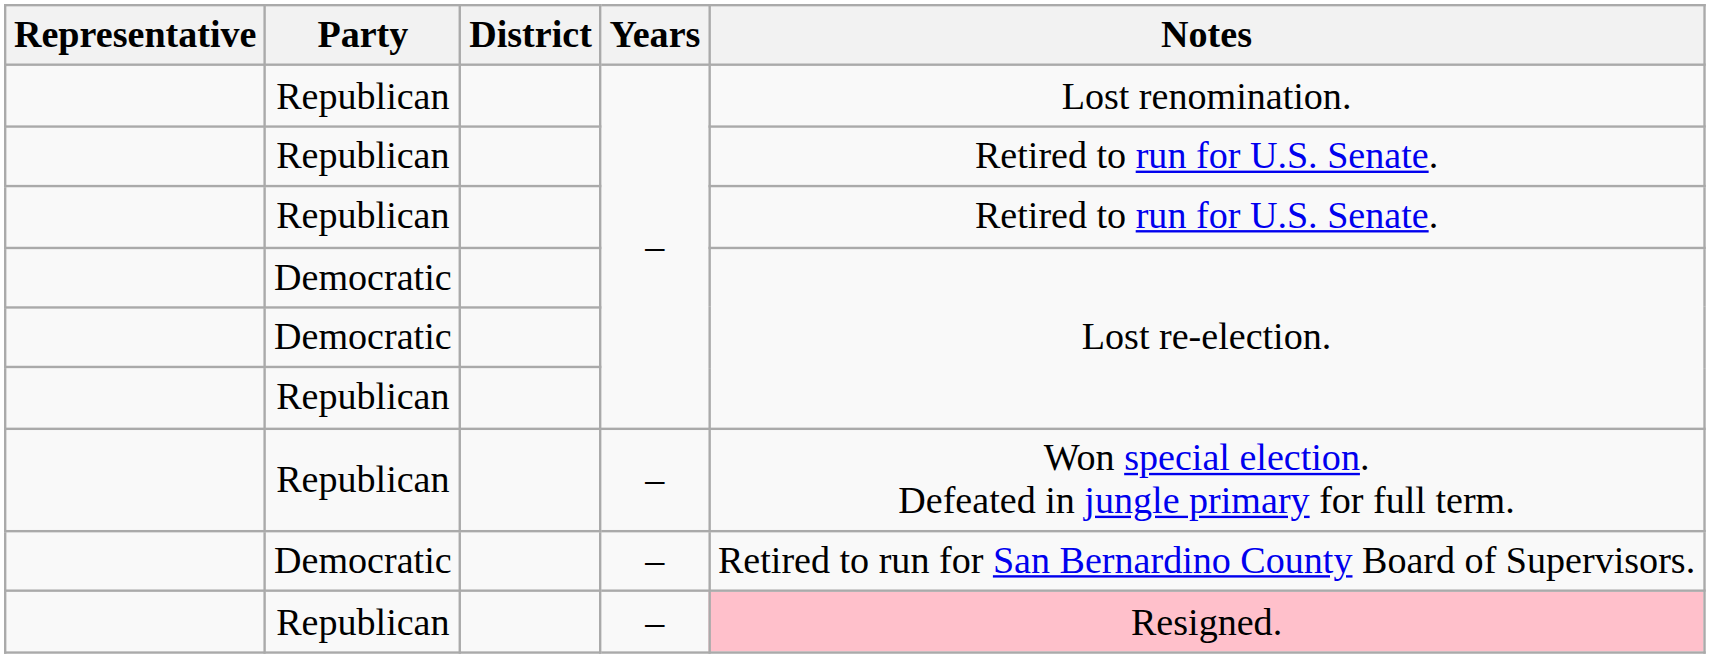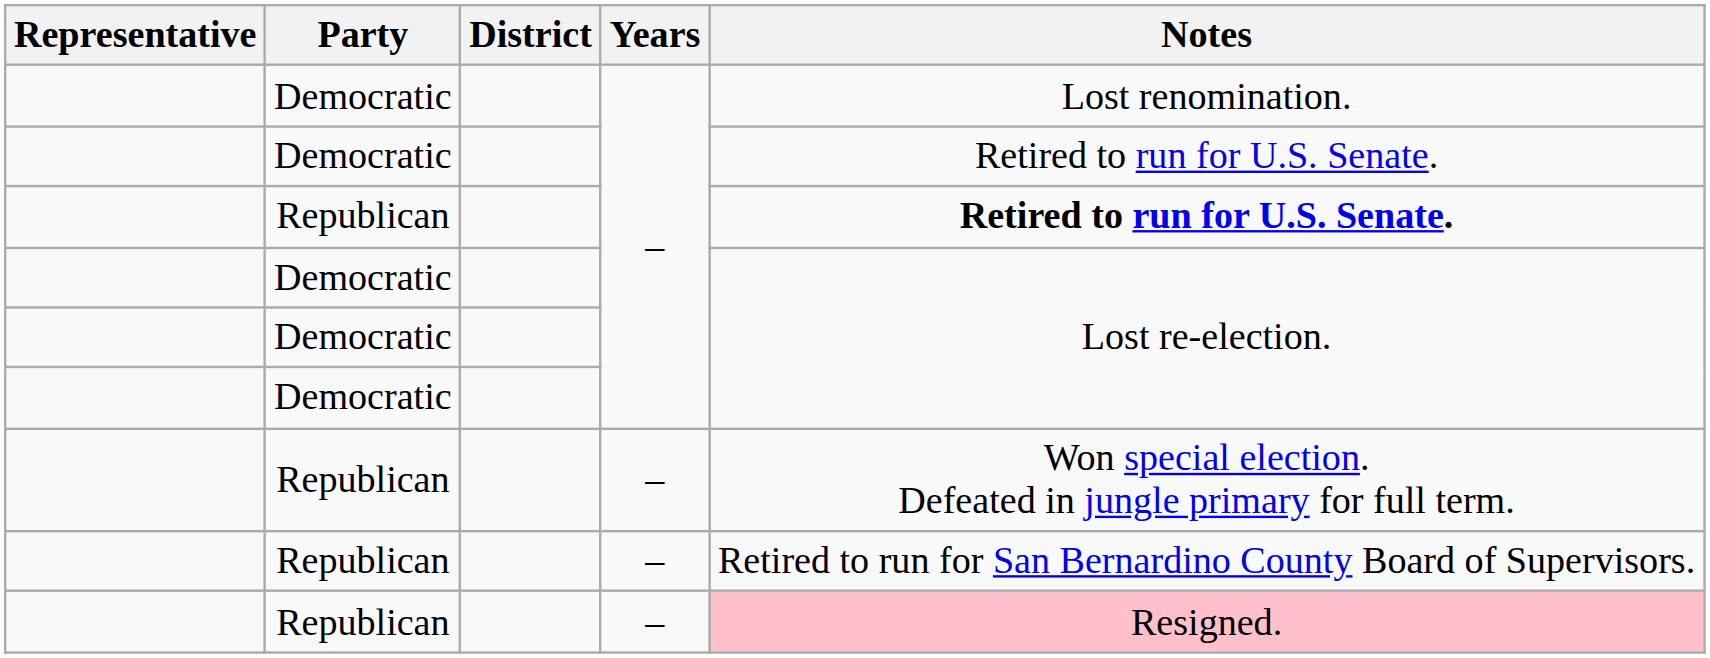 <table class="wikitable sortable" style="text-align:center">
 <tr valign=bottom>
 <th>Representative</th>
 <th>Party</th>
 <th>District</th>
 <th>Years</th>
 <th>Notes</th>
 </tr>
 <tr>
 <td align=left></td>
-<td>Republican</td>
+<td>Democratic</td>
 <td></td>
 <td rowspan="6" nowrap=""> –<br></td>
 <td>Lost renomination.</td>
 </tr>
 <tr>
 <td align=left></td>
-<td>Republican</td>
+<td>Democratic</td>
 <td></td>
 <td>Retired to <a href='#'>run for U.S. Senate</a>.</td>
 </tr>
 <tr>
 <td align=left></td>
 <td>Republican</td>
 <td></td>
-<td>Retired to <a href='#'>run for U.S. Senate</a>.</td>
+<td><strong>Retired to <a href='#'>run for U.S. Senate</a>.</strong></td>
 </tr>
 <tr>
 <td align=left></td>
 <td>Democratic</td>
 <td></td>
 <td rowspan="3">Lost re-election.</td>
 </tr>
 <tr>
 <td align=left></td>
 <td>Democratic</td>
 <td></td>
 </tr>
 <tr>
 <td align=left></td>
-<td>Republican</td>
+<td>Democratic</td>
 <td></td>
 </tr>
 <tr>
 <td align=left></td>
 <td>Republican</td>
 <td></td>
 <td nowrap> –<br></td>
 <td>Won <a href='#'>special election</a>.<br>Defeated in <a href='#'>jungle primary</a> for full term.</td>
 </tr>
 <tr>
 <td align=left></td>
-<td>Democratic</td>
+<td>Republican</td>
 <td></td>
 <td nowrap> –<br></td>
 <td>Retired to run for <a href='#'>San Bernardino County</a> Board of Supervisors.</td>
 </tr>
 <tr>
 <td align=left></td>
 <td>Republican</td>
 <td></td>
 <td nowrap> –<br></td>
 <td style="background: pink;">Resigned.</td>
 </tr>
 </table>
